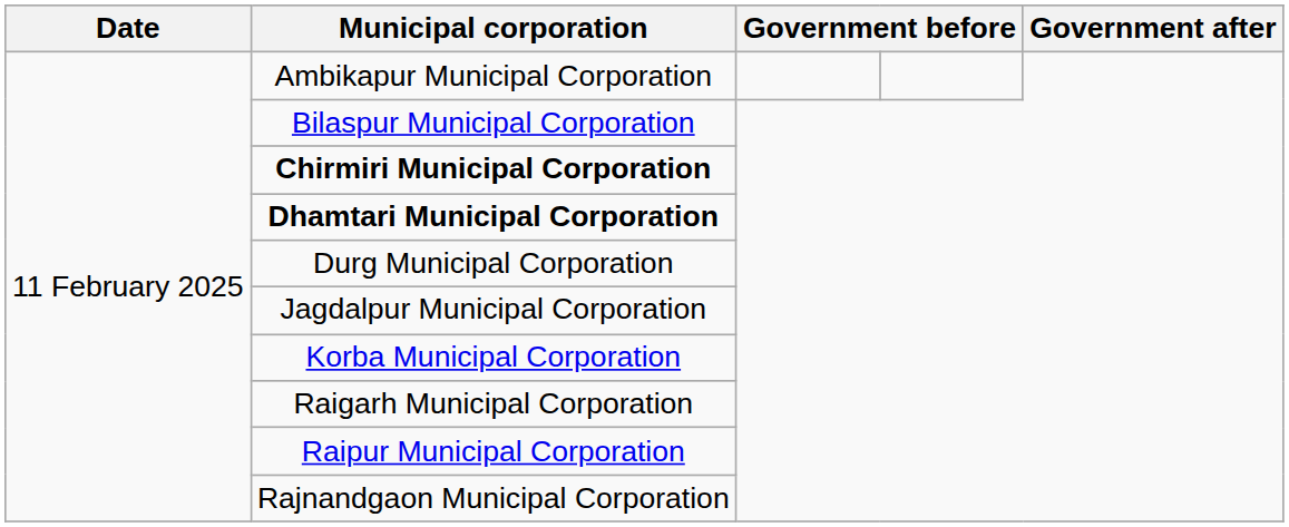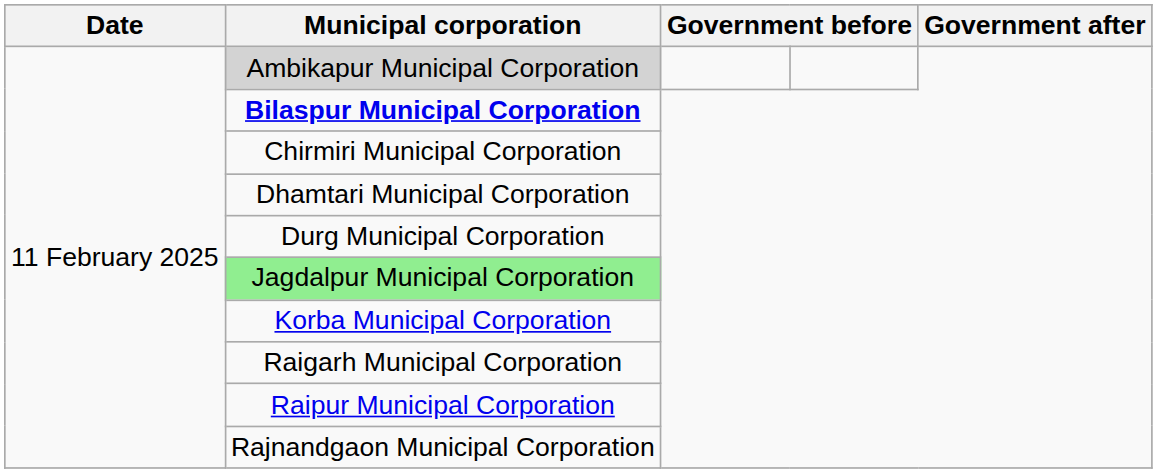 <table class="wikitable sortable"style="text-align:center;">
 <tr>
 <th>Date</th>
 <th>Municipal corporation</th>
 <th colspan="2">Government before</th>
 <th colspan="2">Government after</th>
 </tr>
 <tr>
 <td rowspan=10>11 February 2025</td>
-<td>Ambikapur Municipal Corporation</td>
+<td style="background: lightgrey;">Ambikapur Municipal Corporation</td>
 <td></td>
 <td></td>
 </tr>
 <tr>
-<td><a href='#'>Bilaspur Municipal Corporation</a></td>
+<td><strong><a href='#'>Bilaspur Municipal Corporation</a></strong></td>
 </tr>
 <tr>
-<td><strong>Chirmiri Municipal Corporation</strong></td>
+<td>Chirmiri Municipal Corporation</td>
 </tr>
 <tr>
-<td><strong>Dhamtari Municipal Corporation</strong></td>
+<td>Dhamtari Municipal Corporation</td>
 </tr>
 <tr>
 <td>Durg Municipal Corporation</td>
 </tr>
 <tr>
-<td>Jagdalpur Municipal Corporation</td>
+<td style="background: lightgreen;">Jagdalpur Municipal Corporation</td>
 </tr>
 <tr>
 <td><a href='#'>Korba Municipal Corporation</a></td>
 </tr>
 <tr>
 <td>Raigarh Municipal Corporation</td>
 </tr>
 <tr>
 <td><a href='#'>Raipur Municipal Corporation</a></td>
 </tr>
 <tr>
 <td>Rajnandgaon Municipal Corporation</td>
 </tr>
 </table>
